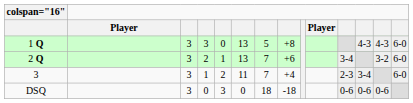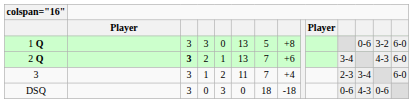 <table class=wikitable style=text-align:center>
 <tr>
 <th>colspan="16" </th>
 </tr>
 <tr>
 <th width=20 abbr=Position></th>
 <th width=175>Player</th>
 <th width=20 abbr=Played></th>
 <th width=20 abbr=Won></th>
 <th width=20 abbr=Lost></th>
 <th width=30 abbr=Points for></th>
 <th width=30 abbr=Points against></th>
 <th width=30 abbr=Points difference></th>
 <th rowspan="5" abbr=H2H></th>
 <th>Player</th>
 <th></th>
 <th></th>
 <th></th>
 <th></th>
 </tr>
 <tr bgcolor=#CCFFCC>
 <td>1 <strong>Q</strong></td>
 <td align=left></td>
 <td>3</td>
 <td>3</td>
 <td>0</td>
 <td>13</td>
 <td>5</td>
 <td>+8</td>
 <td></td>
 <td bgcolor="#dddddd"> </td>
-<td bgcolor="#efefef">4-3</td>
-<td bgcolor="#efefef">4-3</td>
+<td bgcolor="#efefef">0-6</td>
+<td bgcolor="#efefef">3-2</td>
 <td bgcolor="#efefef">6-0</td>
 </tr>
 <tr bgcolor=#CCFFCC>
 <td>2 <strong>Q</strong></td>
 <td align=left></td>
-<td>3</td>
+<td><strong>3</strong></td>
 <td>2</td>
 <td>1</td>
 <td>13</td>
 <td>7</td>
 <td>+6</td>
 <td></td>
 <td bgcolor="#efefef">3-4</td>
 <td bgcolor="#dddddd"> </td>
-<td bgcolor="#efefef">3-2</td>
+<td bgcolor="#efefef">4-3</td>
 <td bgcolor="#efefef">6-0</td>
 </tr>
 <tr>
 <td>3 </td>
 <td align=left></td>
 <td>3</td>
 <td>1</td>
 <td>2</td>
 <td>11</td>
 <td>7</td>
 <td>+4</td>
 <td></td>
 <td bgcolor="#efefef">2-3</td>
 <td bgcolor="#efefef">3-4</td>
 <td bgcolor="#dddddd"> </td>
 <td bgcolor="#efefef">6-0</td>
 </tr>
 <tr>
 <td>DSQ</td>
 <td align=left></td>
 <td>3</td>
 <td>0</td>
 <td>3</td>
 <td>0</td>
 <td>18</td>
 <td>-18</td>
 <td></td>
 <td bgcolor="#efefef">0-6</td>
-<td bgcolor="#efefef">0-6</td>
+<td bgcolor="#efefef">4-3</td>
 <td bgcolor="#efefef">0-6</td>
 <td bgcolor="#dddddd"> </td>
 </tr>
 </table>
